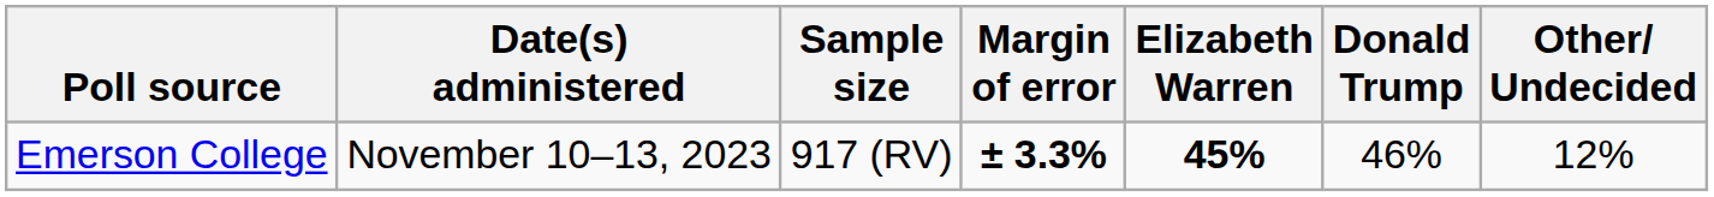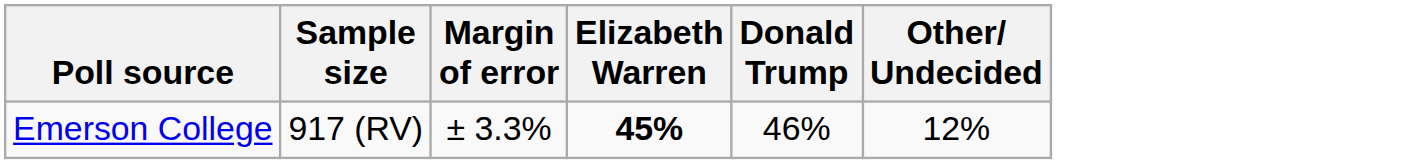 <table class="wikitable sortable mw-datatable" style="font-size:90%;text-align:center;line-height:17px">
 <tr valign=bottom>
 <th>Poll source</th>
-<th>Date(s)<br>administered</th>
 <th>Sample<br>size</th>
 <th>Margin<br>of error</th>
 <th class="unsortable">Elizabeth<br>Warren<br></th>
 <th class="unsortable">Donald<br>Trump<br></th>
 <th class="unsortable">Other/<br>Undecided</th>
 </tr>
 <tr>
 <td style="text-align:left;"><a href='#'>Emerson College</a></td>
-<td data-sort-value="2021-12-12">November 10–13, 2023</td>
 <td>917 (RV)</td>
-<td><strong>± 3.3%</strong></td>
+<td>± 3.3%</td>
 <td style="color:black;background-color:"><strong>45%</strong></td>
 <td>46%</td>
 <td>12%</td>
 </tr>
 </table>
